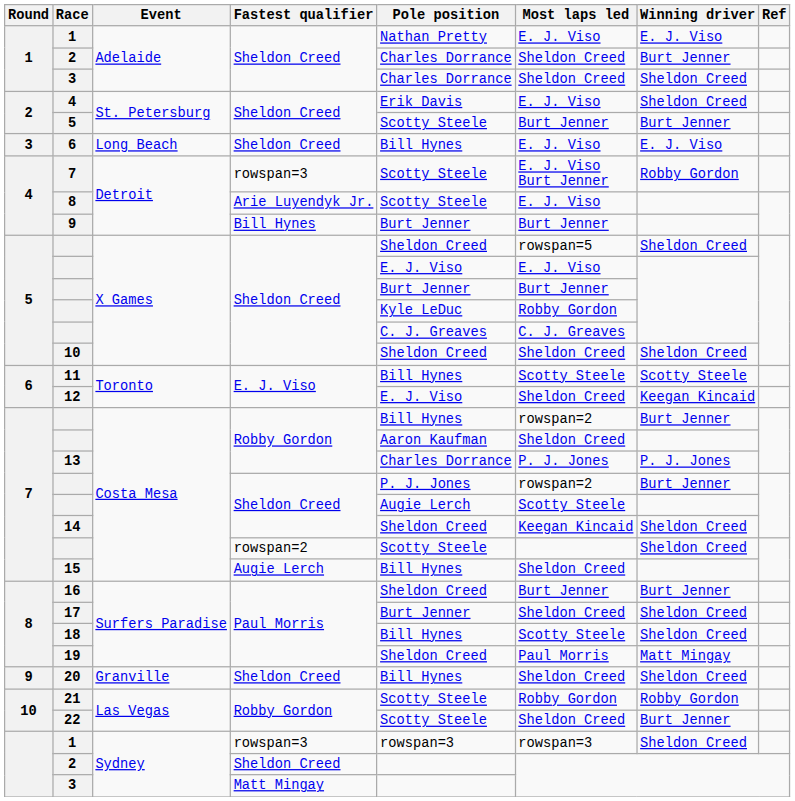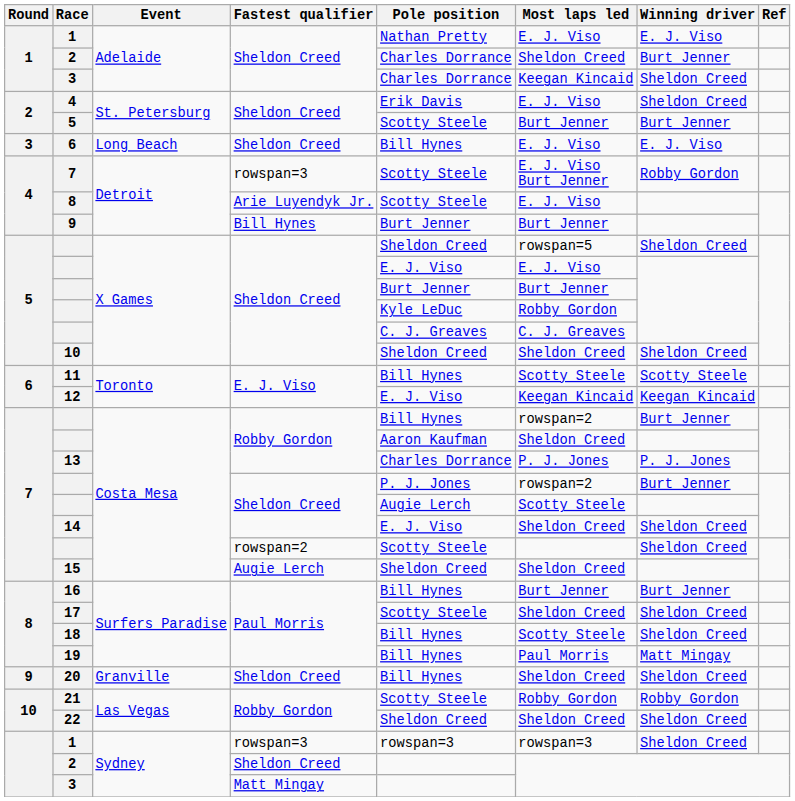 <table class="wikitable" style="font-size: 85%;">
 <tr>
 <th>Round</th>
 <th>Race</th>
 <th>Event</th>
 <th>Fastest qualifier</th>
 <th>Pole position</th>
 <th>Most laps led</th>
 <th>Winning driver</th>
 <th>Ref</th>
 </tr>
 <tr>
 <th rowspan=3>1</th>
 <th>1</th>
 <td rowspan=3><a href='#'>Adelaide</a></td>
 <td rowspan=3> <a href='#'>Sheldon Creed</a></td>
 <td> <a href='#'>Nathan Pretty</a></td>
 <td> <a href='#'>E. J. Viso</a></td>
 <td> <a href='#'>E. J. Viso</a></td>
 <td></td>
 </tr>
 <tr>
 <th>2</th>
 <td> <a href='#'>Charles Dorrance</a></td>
 <td> <a href='#'>Sheldon Creed</a></td>
 <td> <a href='#'>Burt Jenner</a></td>
 <td></td>
 </tr>
 <tr>
 <th>3</th>
 <td> <a href='#'>Charles Dorrance</a></td>
-<td> <a href='#'>Sheldon Creed</a></td>
+<td> <a href='#'>Keegan Kincaid</a></td>
 <td> <a href='#'>Sheldon Creed</a></td>
 <td></td>
 </tr>
 <tr>
 <th rowspan=2>2</th>
 <th>4</th>
 <td rowspan=2><a href='#'>St. Petersburg</a></td>
 <td rowspan=2> <a href='#'>Sheldon Creed</a></td>
 <td> <a href='#'>Erik Davis</a></td>
 <td> <a href='#'>E. J. Viso</a></td>
 <td> <a href='#'>Sheldon Creed</a></td>
 <td></td>
 </tr>
 <tr>
 <th>5</th>
 <td> <a href='#'>Scotty Steele</a></td>
 <td> <a href='#'>Burt Jenner</a></td>
 <td> <a href='#'>Burt Jenner</a></td>
 <td></td>
 </tr>
 <tr>
 <th>3</th>
 <th>6</th>
 <td><a href='#'>Long Beach</a></td>
 <td> <a href='#'>Sheldon Creed</a></td>
 <td> <a href='#'>Bill Hynes</a></td>
 <td> <a href='#'>E. J. Viso</a></td>
 <td> <a href='#'>E. J. Viso</a></td>
 <td></td>
 </tr>
 <tr>
 <th rowspan=3>4</th>
 <th>7</th>
 <td rowspan=3><a href='#'>Detroit</a></td>
 <td>rowspan=3 </td>
 <td> <a href='#'>Scotty Steele</a></td>
 <td> <a href='#'>E. J. Viso</a><br> <a href='#'>Burt Jenner</a></td>
 <td> <a href='#'>Robby Gordon</a></td>
 <td></td>
 </tr>
 <tr>
 <th>8</th>
 <td> <a href='#'>Arie Luyendyk Jr.</a></td>
 <td> <a href='#'>Scotty Steele</a></td>
 <td> <a href='#'>E. J. Viso</a></td>
 <td></td>
 </tr>
 <tr>
 <th>9</th>
 <td> <a href='#'>Bill Hynes</a></td>
 <td> <a href='#'>Burt Jenner</a></td>
 <td> <a href='#'>Burt Jenner</a></td>
 <td></td>
 </tr>
 <tr>
 <th rowspan=6>5</th>
 <th></th>
 <td rowspan=6><a href='#'>X Games</a></td>
 <td rowspan=6> <a href='#'>Sheldon Creed</a></td>
 <td> <a href='#'>Sheldon Creed</a></td>
 <td>rowspan=5 </td>
 <td> <a href='#'>Sheldon Creed</a></td>
 <td rowspan=6></td>
 </tr>
 <tr>
 <th></th>
 <td> <a href='#'>E. J. Viso</a></td>
 <td> <a href='#'>E. J. Viso</a></td>
 </tr>
 <tr>
 <th></th>
 <td> <a href='#'>Burt Jenner</a></td>
 <td> <a href='#'>Burt Jenner</a></td>
 </tr>
 <tr>
 <th></th>
 <td> <a href='#'>Kyle LeDuc</a></td>
 <td> <a href='#'>Robby Gordon</a></td>
 </tr>
 <tr>
 <th></th>
 <td> <a href='#'>C. J. Greaves</a></td>
 <td> <a href='#'>C. J. Greaves</a></td>
 </tr>
 <tr>
 <th>10</th>
 <td> <a href='#'>Sheldon Creed</a></td>
 <td> <a href='#'>Sheldon Creed</a></td>
 <td> <a href='#'>Sheldon Creed</a></td>
 </tr>
 <tr>
 <th rowspan=2>6</th>
 <th>11</th>
 <td rowspan=2><a href='#'>Toronto</a></td>
 <td rowspan=2> <a href='#'>E. J. Viso</a></td>
 <td> <a href='#'>Bill Hynes</a></td>
 <td> <a href='#'>Scotty Steele</a></td>
 <td> <a href='#'>Scotty Steele</a></td>
 <td></td>
 </tr>
 <tr>
 <th>12</th>
 <td> <a href='#'>E. J. Viso</a></td>
-<td> <a href='#'>Sheldon Creed</a></td>
+<td> <a href='#'>Keegan Kincaid</a></td>
 <td> <a href='#'>Keegan Kincaid</a></td>
 <td></td>
 </tr>
 <tr>
 <th rowspan=8>7</th>
 <th></th>
 <td rowspan=8><a href='#'>Costa Mesa</a></td>
 <td rowspan=3> <a href='#'>Robby Gordon</a></td>
 <td> <a href='#'>Bill Hynes</a></td>
 <td>rowspan=2 </td>
 <td> <a href='#'>Burt Jenner</a></td>
 <td rowspan=3></td>
 </tr>
 <tr>
 <th></th>
 <td> <a href='#'>Aaron Kaufman</a></td>
 <td> <a href='#'>Sheldon Creed</a></td>
 </tr>
 <tr>
 <th>13</th>
 <td> <a href='#'>Charles Dorrance</a></td>
 <td> <a href='#'>P. J. Jones</a></td>
 <td> <a href='#'>P. J. Jones</a></td>
 </tr>
 <tr>
 <th></th>
 <td rowspan=3> <a href='#'>Sheldon Creed</a></td>
 <td> <a href='#'>P. J. Jones</a></td>
 <td>rowspan=2 </td>
 <td> <a href='#'>Burt Jenner</a></td>
 <td rowspan=3></td>
 </tr>
 <tr>
 <th></th>
 <td> <a href='#'>Augie Lerch</a></td>
 <td> <a href='#'>Scotty Steele</a></td>
 </tr>
 <tr>
 <th>14</th>
+<td> <a href='#'>E. J. Viso</a></td>
 <td> <a href='#'>Sheldon Creed</a></td>
-<td> <a href='#'>Keegan Kincaid</a></td>
 <td> <a href='#'>Sheldon Creed</a></td>
 </tr>
 <tr>
 <th></th>
 <td>rowspan=2 </td>
 <td> <a href='#'>Scotty Steele</a></td>
 <td></td>
 <td> <a href='#'>Sheldon Creed</a></td>
 <td rowspan=2></td>
 </tr>
 <tr>
 <th>15</th>
 <td> <a href='#'>Augie Lerch</a></td>
-<td> <a href='#'>Bill Hynes</a></td>
+<td> <a href='#'>Sheldon Creed</a></td>
 <td> <a href='#'>Sheldon Creed</a></td>
 </tr>
 <tr>
 <th rowspan=4>8</th>
 <th>16</th>
 <td rowspan=4><a href='#'>Surfers Paradise</a></td>
 <td rowspan=4> <a href='#'>Paul Morris</a></td>
-<td> <a href='#'>Sheldon Creed</a></td>
+<td> <a href='#'>Bill Hynes</a></td>
 <td> <a href='#'>Burt Jenner</a></td>
 <td> <a href='#'>Burt Jenner</a></td>
 <td></td>
 </tr>
 <tr>
 <th>17</th>
-<td> <a href='#'>Burt Jenner</a></td>
+<td> <a href='#'>Scotty Steele</a></td>
 <td> <a href='#'>Sheldon Creed</a></td>
 <td> <a href='#'>Sheldon Creed</a></td>
 <td></td>
 </tr>
 <tr>
 <th>18</th>
 <td> <a href='#'>Bill Hynes</a></td>
 <td> <a href='#'>Scotty Steele</a></td>
 <td> <a href='#'>Sheldon Creed</a></td>
 <td></td>
 </tr>
 <tr>
 <th>19</th>
-<td> <a href='#'>Sheldon Creed</a></td>
+<td> <a href='#'>Bill Hynes</a></td>
 <td> <a href='#'>Paul Morris</a></td>
 <td> <a href='#'>Matt Mingay</a></td>
 <td></td>
 </tr>
 <tr>
 <th>9</th>
 <th>20</th>
 <td><a href='#'>Granville</a></td>
 <td> <a href='#'>Sheldon Creed</a></td>
 <td> <a href='#'>Bill Hynes</a></td>
 <td> <a href='#'>Sheldon Creed</a></td>
 <td> <a href='#'>Sheldon Creed</a></td>
 <td></td>
 </tr>
 <tr>
 <th rowspan=2>10</th>
 <th>21</th>
 <td rowspan=2><a href='#'>Las Vegas</a></td>
 <td rowspan=2> <a href='#'>Robby Gordon</a></td>
 <td> <a href='#'>Scotty Steele</a></td>
 <td> <a href='#'>Robby Gordon</a></td>
 <td> <a href='#'>Robby Gordon</a></td>
 <td></td>
 </tr>
 <tr>
 <th>22</th>
-<td> <a href='#'>Scotty Steele</a></td>
 <td> <a href='#'>Sheldon Creed</a></td>
-<td> <a href='#'>Burt Jenner</a></td>
+<td> <a href='#'>Sheldon Creed</a></td>
+<td> <a href='#'>Sheldon Creed</a></td>
 <td></td>
 </tr>
 <tr>
 <th rowspan=3></th>
 <th>1</th>
 <td rowspan=3><a href='#'>Sydney</a></td>
 <td>rowspan=3 </td>
 <td>rowspan=3 </td>
 <td>rowspan=3 </td>
 <td> <a href='#'>Sheldon Creed</a></td>
 <td></td>
 </tr>
 <tr>
 <th>2</th>
 <td> <a href='#'>Sheldon Creed</a></td>
 <td></td>
 </tr>
 <tr>
 <th>3</th>
 <td> <a href='#'>Matt Mingay</a></td>
 <td></td>
 </tr>
 </table>
